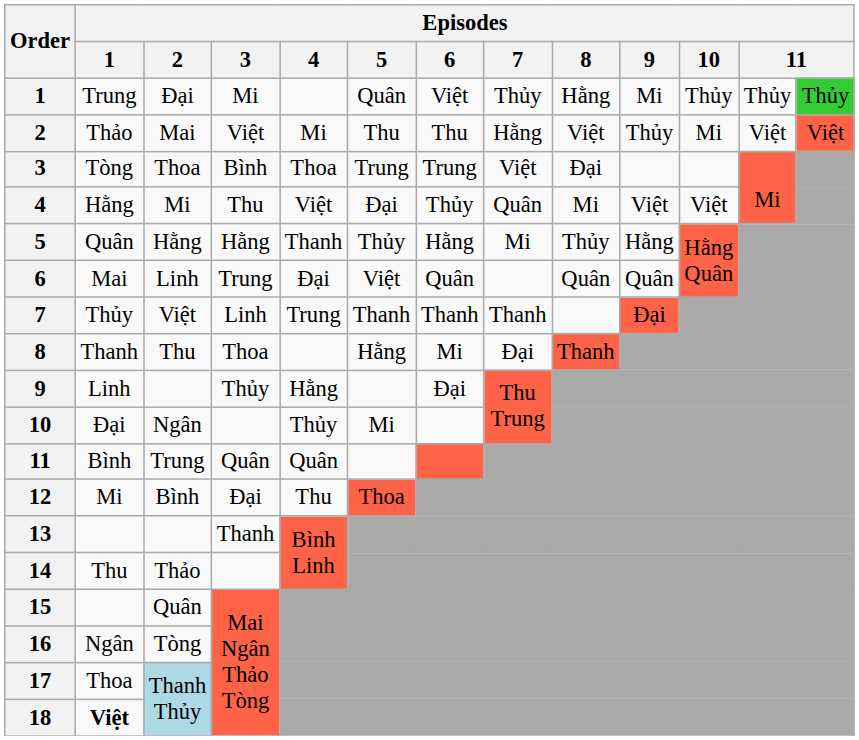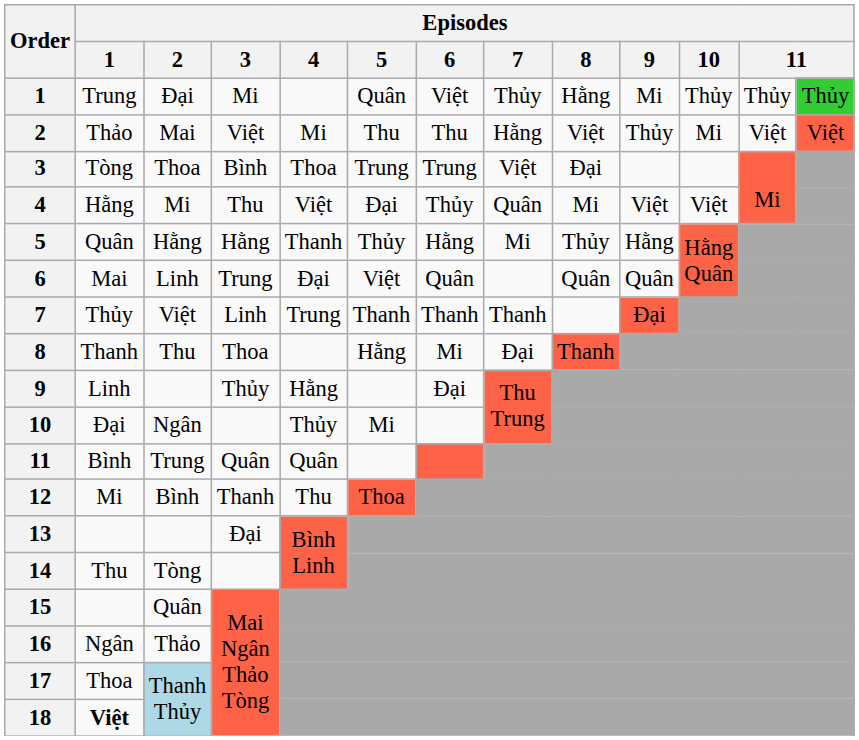 <table class="wikitable" style="text-align:center; font-size:92%">
 <tr>
 <th rowspan=2>Order</th>
 <th colspan=15>Episodes</th>
 </tr>
 <tr>
 <th>1</th>
 <th>2</th>
 <th>3</th>
 <th>4</th>
 <th>5</th>
 <th>6</th>
 <th>7</th>
 <th>8</th>
 <th>9</th>
 <th>10</th>
 <th colspan=2>11</th>
 </tr>
 <tr>
 <th>1</th>
 <td>Trung</td>
 <td>Đại</td>
 <td>Mi</td>
 <td></td>
 <td>Quân</td>
 <td>Việt</td>
 <td>Thủy</td>
 <td>Hằng</td>
 <td>Mi</td>
 <td>Thủy</td>
 <td>Thủy</td>
 <td bgcolor="limegreen">Thủy</td>
 </tr>
 <tr>
 <th>2</th>
 <td>Thảo</td>
 <td>Mai</td>
 <td>Việt</td>
 <td>Mi</td>
 <td>Thu</td>
 <td>Thu</td>
 <td>Hằng</td>
 <td>Việt</td>
 <td>Thủy</td>
 <td>Mi</td>
 <td>Việt</td>
 <td bgcolor="tomato">Việt</td>
 </tr>
 <tr>
 <th>3</th>
 <td>Tòng</td>
 <td>Thoa</td>
 <td>Bình</td>
 <td>Thoa</td>
 <td>Trung</td>
 <td>Trung</td>
 <td>Việt</td>
 <td>Đại</td>
 <td></td>
 <td></td>
 <td rowspan="2" style="background:tomato;"><br>Mi</td>
 <td style="background:darkgray;" colspan="11"></td>
 </tr>
 <tr>
 <th>4</th>
 <td>Hằng</td>
 <td>Mi</td>
 <td>Thu</td>
 <td>Việt</td>
 <td>Đại</td>
 <td>Thủy</td>
 <td>Quân</td>
 <td>Mi</td>
 <td>Việt</td>
 <td>Việt</td>
 <td style="background:darkgray;" colspan="11"></td>
 </tr>
 <tr>
 <th>5</th>
 <td>Quân</td>
 <td>Hằng</td>
 <td>Hằng</td>
 <td>Thanh</td>
 <td>Thủy</td>
 <td>Hằng</td>
 <td>Mi</td>
 <td>Thủy</td>
 <td>Hằng</td>
 <td rowspan="2" style="background:tomato;">Hằng<br>Quân</td>
 <td style="background:darkgray;" colspan="12"></td>
 </tr>
 <tr>
 <th>6</th>
 <td>Mai</td>
 <td>Linh</td>
 <td>Trung</td>
 <td>Đại</td>
 <td>Việt</td>
 <td>Quân</td>
 <td></td>
 <td>Quân</td>
 <td>Quân</td>
 <td style="background:darkgray;" colspan="11"></td>
 </tr>
 <tr>
 <th>7</th>
 <td>Thủy</td>
 <td>Việt</td>
 <td>Linh</td>
 <td>Trung</td>
 <td>Thanh</td>
 <td>Thanh</td>
 <td>Thanh</td>
 <td></td>
 <td bgcolor="tomato">Đại</td>
 <td style="background:darkgray;" colspan="11"></td>
 </tr>
 <tr>
 <th>8</th>
 <td>Thanh</td>
 <td>Thu</td>
 <td>Thoa</td>
 <td></td>
 <td>Hằng</td>
 <td>Mi</td>
 <td>Đại</td>
 <td bgcolor="tomato">Thanh</td>
 <td style="background:darkgray;" colspan="11"></td>
 </tr>
 <tr>
 <th>9</th>
 <td>Linh</td>
 <td></td>
 <td>Thủy</td>
 <td>Hằng</td>
 <td></td>
 <td>Đại</td>
 <td rowspan="2" style="background:tomato;">Thu<br>Trung</td>
 <td style="background:darkgray;" colspan="11"></td>
 </tr>
 <tr>
 <th>10</th>
 <td>Đại</td>
 <td>Ngân</td>
 <td></td>
 <td>Thủy</td>
 <td>Mi</td>
 <td></td>
 <td style="background:darkgray;" colspan="11"></td>
 </tr>
 <tr>
 <th>11</th>
 <td>Bình</td>
 <td>Trung</td>
 <td>Quân</td>
 <td>Quân</td>
 <td></td>
 <td bgcolor="tomato"></td>
 <td style="background:darkgray;" colspan="11"></td>
 </tr>
 <tr>
 <th>12</th>
 <td>Mi</td>
 <td>Bình</td>
-<td>Đại</td>
+<td>Thanh</td>
 <td>Thu</td>
 <td bgcolor="tomato">Thoa</td>
 <td style="background:darkgray;" colspan="11"></td>
 </tr>
 <tr>
 <th>13</th>
 <td></td>
 <td></td>
-<td>Thanh</td>
+<td>Đại</td>
 <td rowspan="2" style="background:tomato;">Bình<br>Linh</td>
 <td style="background:darkgray;" colspan="11"></td>
 </tr>
 <tr>
 <th>14</th>
 <td>Thu</td>
-<td>Thảo</td>
+<td>Tòng</td>
 <td></td>
 <td style="background:darkgray;" colspan="11"></td>
 </tr>
 <tr>
 <th>15</th>
 <td></td>
 <td>Quân</td>
 <td rowspan="4" style="background:tomato;">Mai<br>Ngân<br>Thảo<br>Tòng</td>
 <td style="background:darkgray;" colspan="11"></td>
 </tr>
 <tr>
 <th>16</th>
 <td>Ngân</td>
-<td>Tòng</td>
+<td>Thảo</td>
 <td style="background:darkgray;" colspan="11"></td>
 </tr>
 <tr>
 <th>17</th>
 <td>Thoa</td>
 <td rowspan="2" style="background:lightblue;">Thanh<br>Thủy</td>
 <td style="background:darkgray;" colspan="11"></td>
 </tr>
 <tr>
 <th>18</th>
 <td><strong>Việt</strong></td>
 <td style="background:darkgray;" colspan="11"></td>
 </tr>
 </table>
